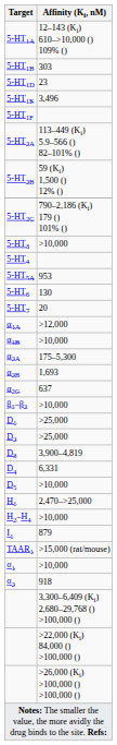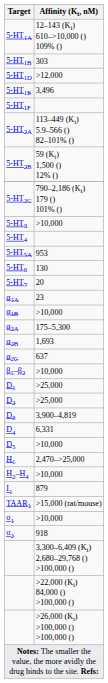 <table class="wikitable floatright" style="font-size:small;">
 <tr>
 <th>Target</th>
 <th>Affinity (K<sub>i</sub>, nM)</th>
 </tr>
 <tr>
 <td><a href='#'>5-HT<sub>1A</sub></a></td>
 <td>12–143 (K<sub>i</sub>)<br>610–>10,000 ()<br>109% ()</td>
 </tr>
 <tr>
 <td><a href='#'>5-HT<sub>1B</sub></a></td>
 <td>303</td>
 </tr>
 <tr>
 <td><a href='#'>5-HT<sub>1D</sub></a></td>
-<td>23</td>
+<td>>12,000</td>
 </tr>
 <tr>
 <td><a href='#'>5-HT<sub>1E</sub></a></td>
 <td>3,496</td>
 </tr>
 <tr>
 <td><a href='#'>5-HT<sub>1F</sub></a></td>
 <td></td>
 </tr>
 <tr>
 <td><a href='#'>5-HT<sub>2A</sub></a></td>
 <td>113–449 (K<sub>i</sub>)<br>5.9–566 ()<br>82–101% ()</td>
 </tr>
 <tr>
 <td><a href='#'>5-HT<sub>2B</sub></a></td>
 <td>59 (K<sub>i</sub>)<br>1,500 ()<br>12% ()</td>
 </tr>
 <tr>
 </tr>
 <tr>
 <td><a href='#'>5-HT<sub>2C</sub></a></td>
 <td>790–2,186 (K<sub>i</sub>)<br>179 ()<br>101% ()</td>
 </tr>
 <tr>
 <td><a href='#'>5-HT<sub>3</sub></a></td>
 <td>>10,000</td>
 </tr>
 <tr>
 <td><a href='#'>5-HT<sub>4</sub></a></td>
 <td></td>
 </tr>
 <tr>
 <td><a href='#'>5-HT<sub>5A</sub></a></td>
 <td>953</td>
 </tr>
 <tr>
 <td><a href='#'>5-HT<sub>6</sub></a></td>
 <td>130</td>
 </tr>
 <tr>
 <td><a href='#'>5-HT<sub>7</sub></a></td>
 <td>20</td>
 </tr>
 <tr>
 <td><a href='#'>α<sub>1A</sub></a></td>
-<td>>12,000</td>
+<td>23</td>
 </tr>
 <tr>
 <td><a href='#'>α<sub>1B</sub></a></td>
 <td>>10,000</td>
 </tr>
 <tr>
 <td><a href='#'>α<sub>2A</sub></a></td>
 <td>175–5,300</td>
 </tr>
 <tr>
 <td><a href='#'>α<sub>2B</sub></a></td>
 <td>1,693</td>
 </tr>
 <tr>
 <td><a href='#'>α<sub>2C</sub></a></td>
 <td>637</td>
 </tr>
 <tr>
 <td><a href='#'>β<sub>1</sub></a>–<a href='#'>β<sub>2</sub></a></td>
 <td>>10,000</td>
 </tr>
 <tr>
 <td><a href='#'>D<sub>1</sub></a></td>
 <td>>25,000</td>
 </tr>
 <tr>
 <td><a href='#'>D<sub>2</sub></a></td>
 <td>>25,000</td>
 </tr>
 <tr>
 <td><a href='#'>D<sub>3</sub></a></td>
 <td>3,900–4,819</td>
 </tr>
 <tr>
 <td><a href='#'>D<sub>4</sub></a></td>
 <td>6,331</td>
 </tr>
 <tr>
 <td><a href='#'>D<sub>5</sub></a></td>
 <td>>10,000</td>
 </tr>
 <tr>
 <td><a href='#'>H<sub>1</sub></a></td>
 <td>2,470–>25,000</td>
 </tr>
 <tr>
 <td><a href='#'>H<sub>2</sub></a>–<a href='#'>H<sub>4</sub></a></td>
 <td>>10,000</td>
 </tr>
 <tr>
 <td><a href='#'>I<sub>1</sub></a></td>
 <td>879</td>
 </tr>
 <tr>
 <td><a href='#'>TAAR<sub>1</sub></a></td>
 <td>>15,000 (rat/mouse)</td>
 </tr>
 <tr>
 <td><a href='#'>σ<sub>1</sub></a></td>
 <td>>10,000</td>
 </tr>
 <tr>
 <td><a href='#'>σ<sub>2</sub></a></td>
 <td>918</td>
 </tr>
 <tr>
 <td></td>
 <td>3,300–6,409 (K<sub>i</sub>)<br>2,680–29,768 ()<br>>100,000 ()</td>
 </tr>
 <tr>
 <td></td>
 <td>>22,000 (K<sub>i</sub>)<br>84,000 ()<br>>100,000 ()</td>
 </tr>
 <tr>
 <td></td>
 <td>>26,000 (K<sub>i</sub>)<br>>100,000 ()<br>>100,000 ()</td>
 </tr>
 <tr class="sortbottom">
 <td colspan="2" style="width: 1px; background-color:#eaecf0; text-align: center;"><strong>Notes:</strong> The smaller the value, the more avidly the drug binds to the site. <strong>Refs:</strong> </td>
 </tr>
 </table>
